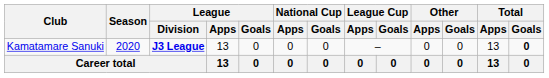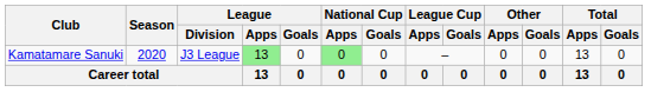 <table class="wikitable" style="text-align: center">
 <tr>
 <th rowspan="2">Club</th>
 <th rowspan="2">Season</th>
 <th colspan="3">League</th>
 <th colspan="2">National Cup</th>
 <th colspan="2">League Cup</th>
 <th colspan="2">Other</th>
 <th colspan="2">Total</th>
 </tr>
 <tr>
 <th>Division</th>
 <th>Apps</th>
 <th>Goals</th>
 <th>Apps</th>
 <th>Goals</th>
 <th>Apps</th>
 <th>Goals</th>
 <th>Apps</th>
 <th>Goals</th>
 <th>Apps</th>
 <th>Goals</th>
 </tr>
 <tr>
 <td><a href='#'>Kamatamare Sanuki</a></td>
 <td><a href='#'>2020</a></td>
-<td><strong><a href='#'>J3 League</a></strong></td>
-<td>13</td>
+<td><a href='#'>J3 League</a></td>
+<td style="background: lightgreen;">13</td>
 <td>0</td>
-<td>0</td>
+<td style="background: lightgreen;">0</td>
 <td>0</td>
 <td colspan="2">–</td>
 <td>0</td>
 <td>0</td>
 <td>13</td>
-<td><strong>0</strong></td>
+<td>0</td>
 </tr>
 <tr>
 <th colspan=3>Career total</th>
 <th>13</th>
 <th>0</th>
 <th>0</th>
 <th>0</th>
 <th>0</th>
 <th>0</th>
 <th>0</th>
 <th>0</th>
 <th>13</th>
 <th>0</th>
 </tr>
 </table>
